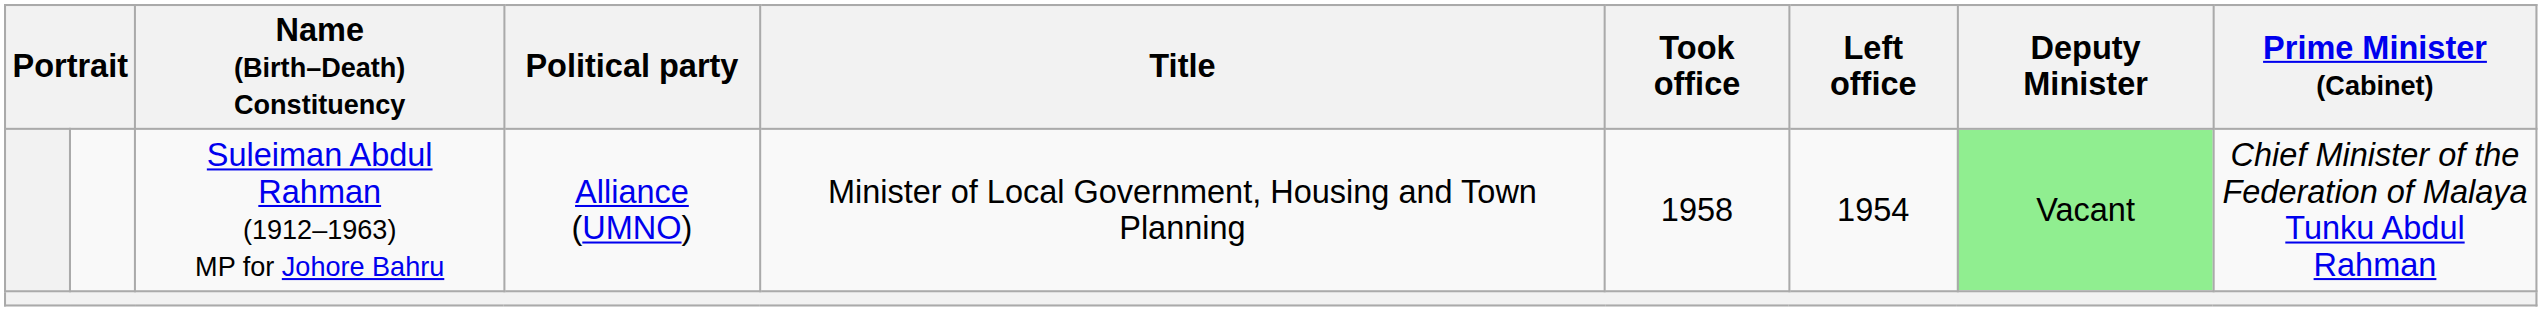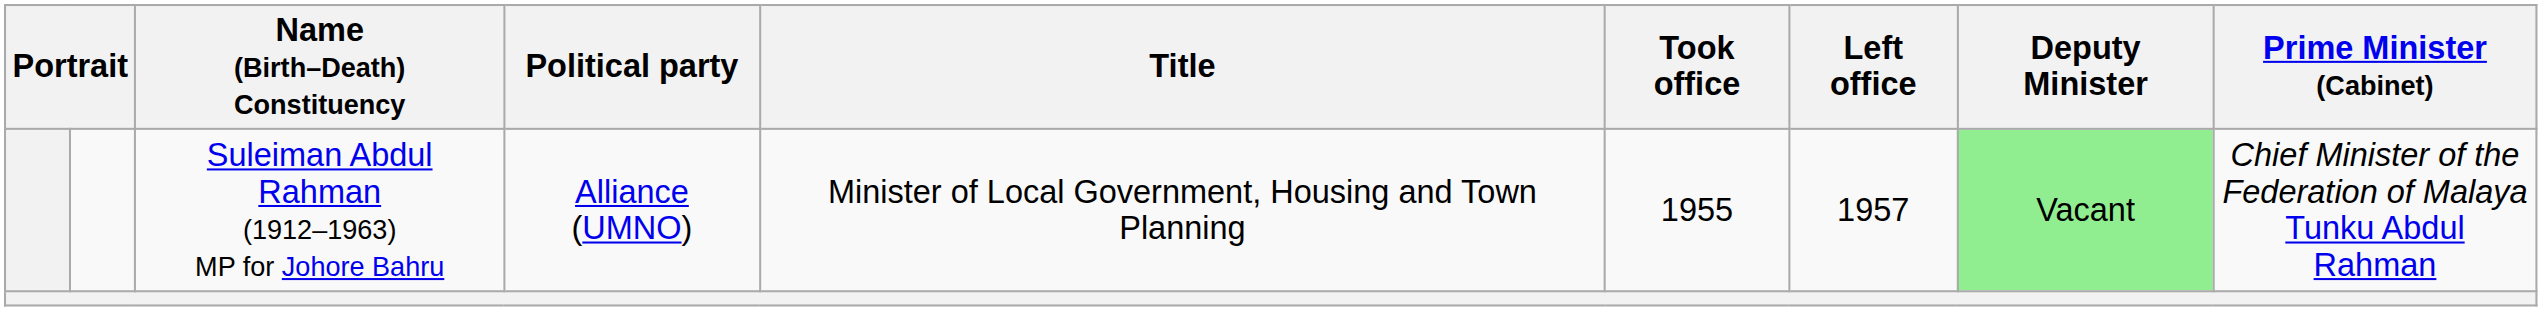 <table class="wikitable" style="text-align:center;">
 <tr>
 <th colspan=2>Portrait</th>
 <th>Name<br><small>(Birth–Death)<br>Constituency</small></th>
 <th>Political party</th>
 <th>Title</th>
 <th>Took office</th>
 <th>Left office</th>
 <th>Deputy Minister</th>
 <th><a href='#'>Prime Minister</a><br><small>(Cabinet)</small></th>
 </tr>
 <tr>
 <th style="background:"></th>
 <td></td>
 <td><a href='#'>Suleiman Abdul Rahman</a><br><small>(1912–1963)<br>MP for <a href='#'>Johore Bahru</a></small></td>
 <td><a href='#'>Alliance</a> (<a href='#'>UMNO</a>)</td>
 <td>Minister of Local Government, Housing and Town Planning</td>
-<td>1958</td>
-<td>1954</td>
+<td>1955</td>
+<td>1957</td>
 <td style="background: lightgreen;">Vacant</td>
 <td><em>Chief Minister of the <br>Federation of Malaya</em><br><a href='#'>Tunku Abdul Rahman</a></td>
 </tr>
 <tr>
 <th colspan="9" bgcolor="cccccc"></th>
 </tr>
 </table>
